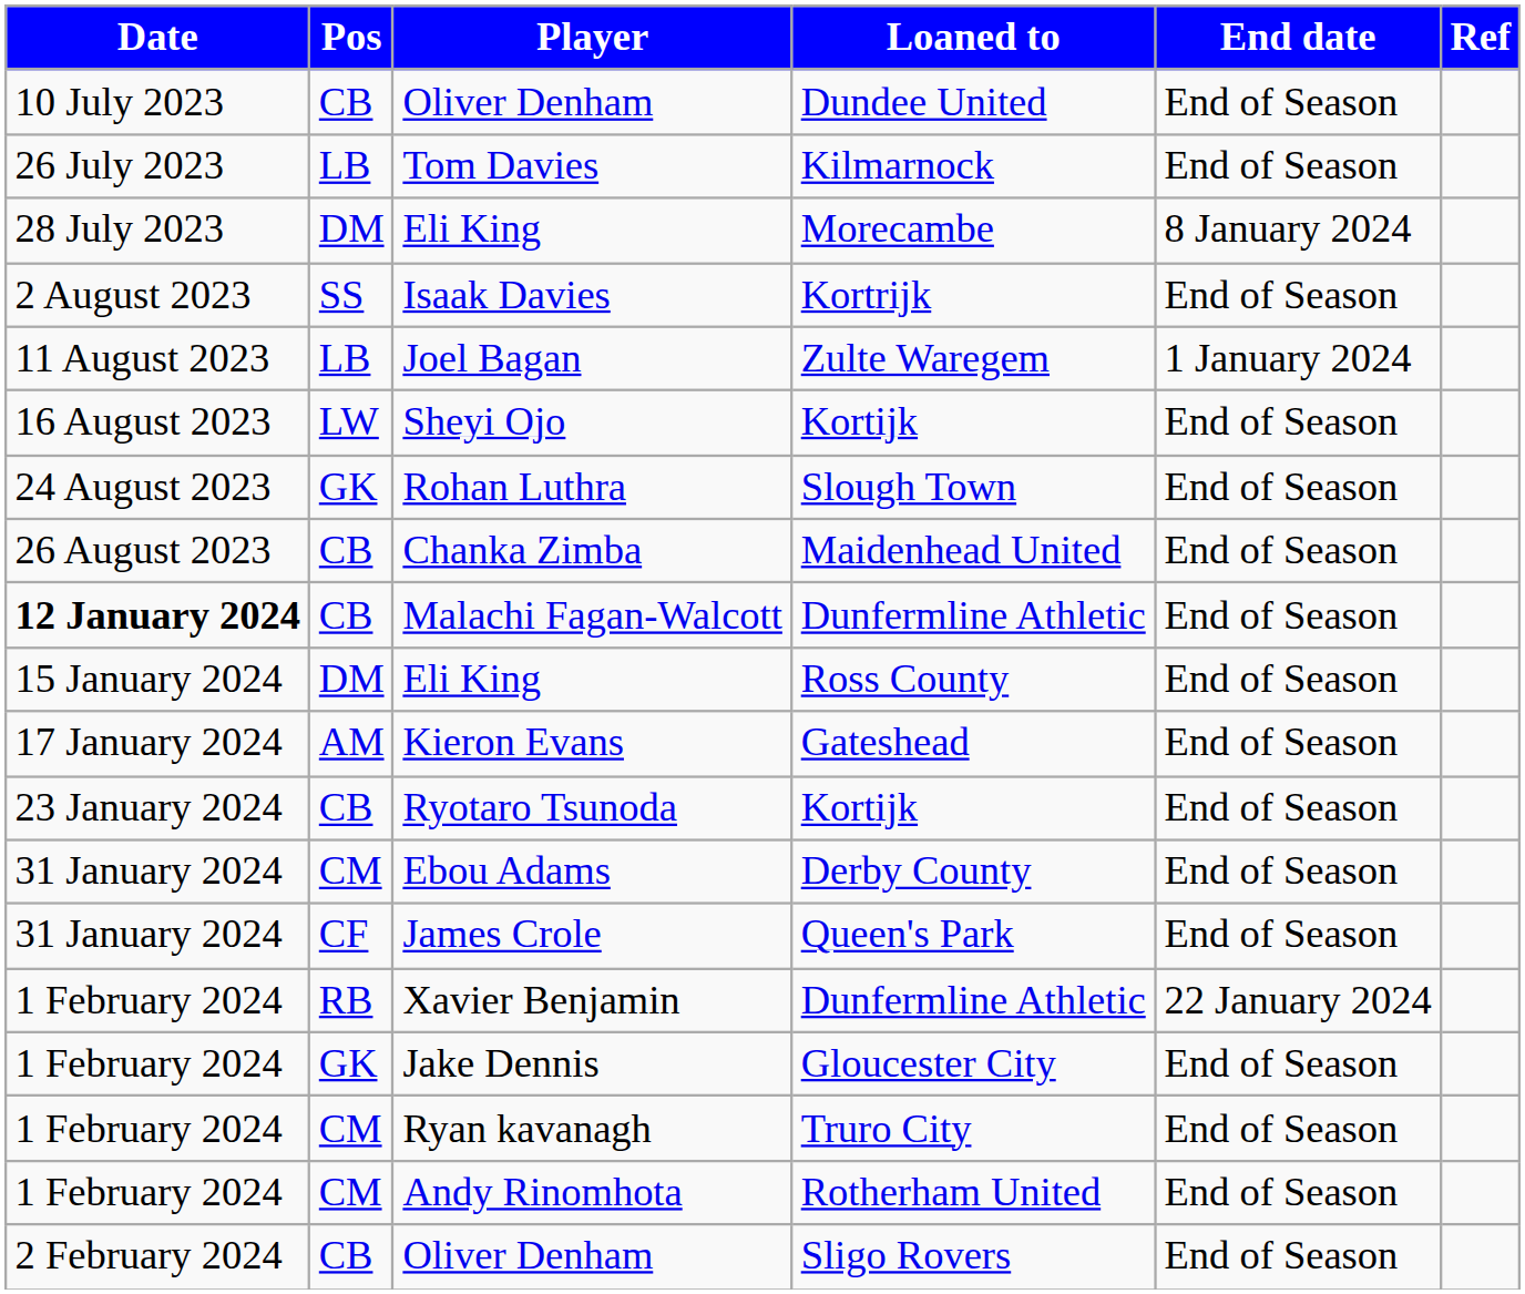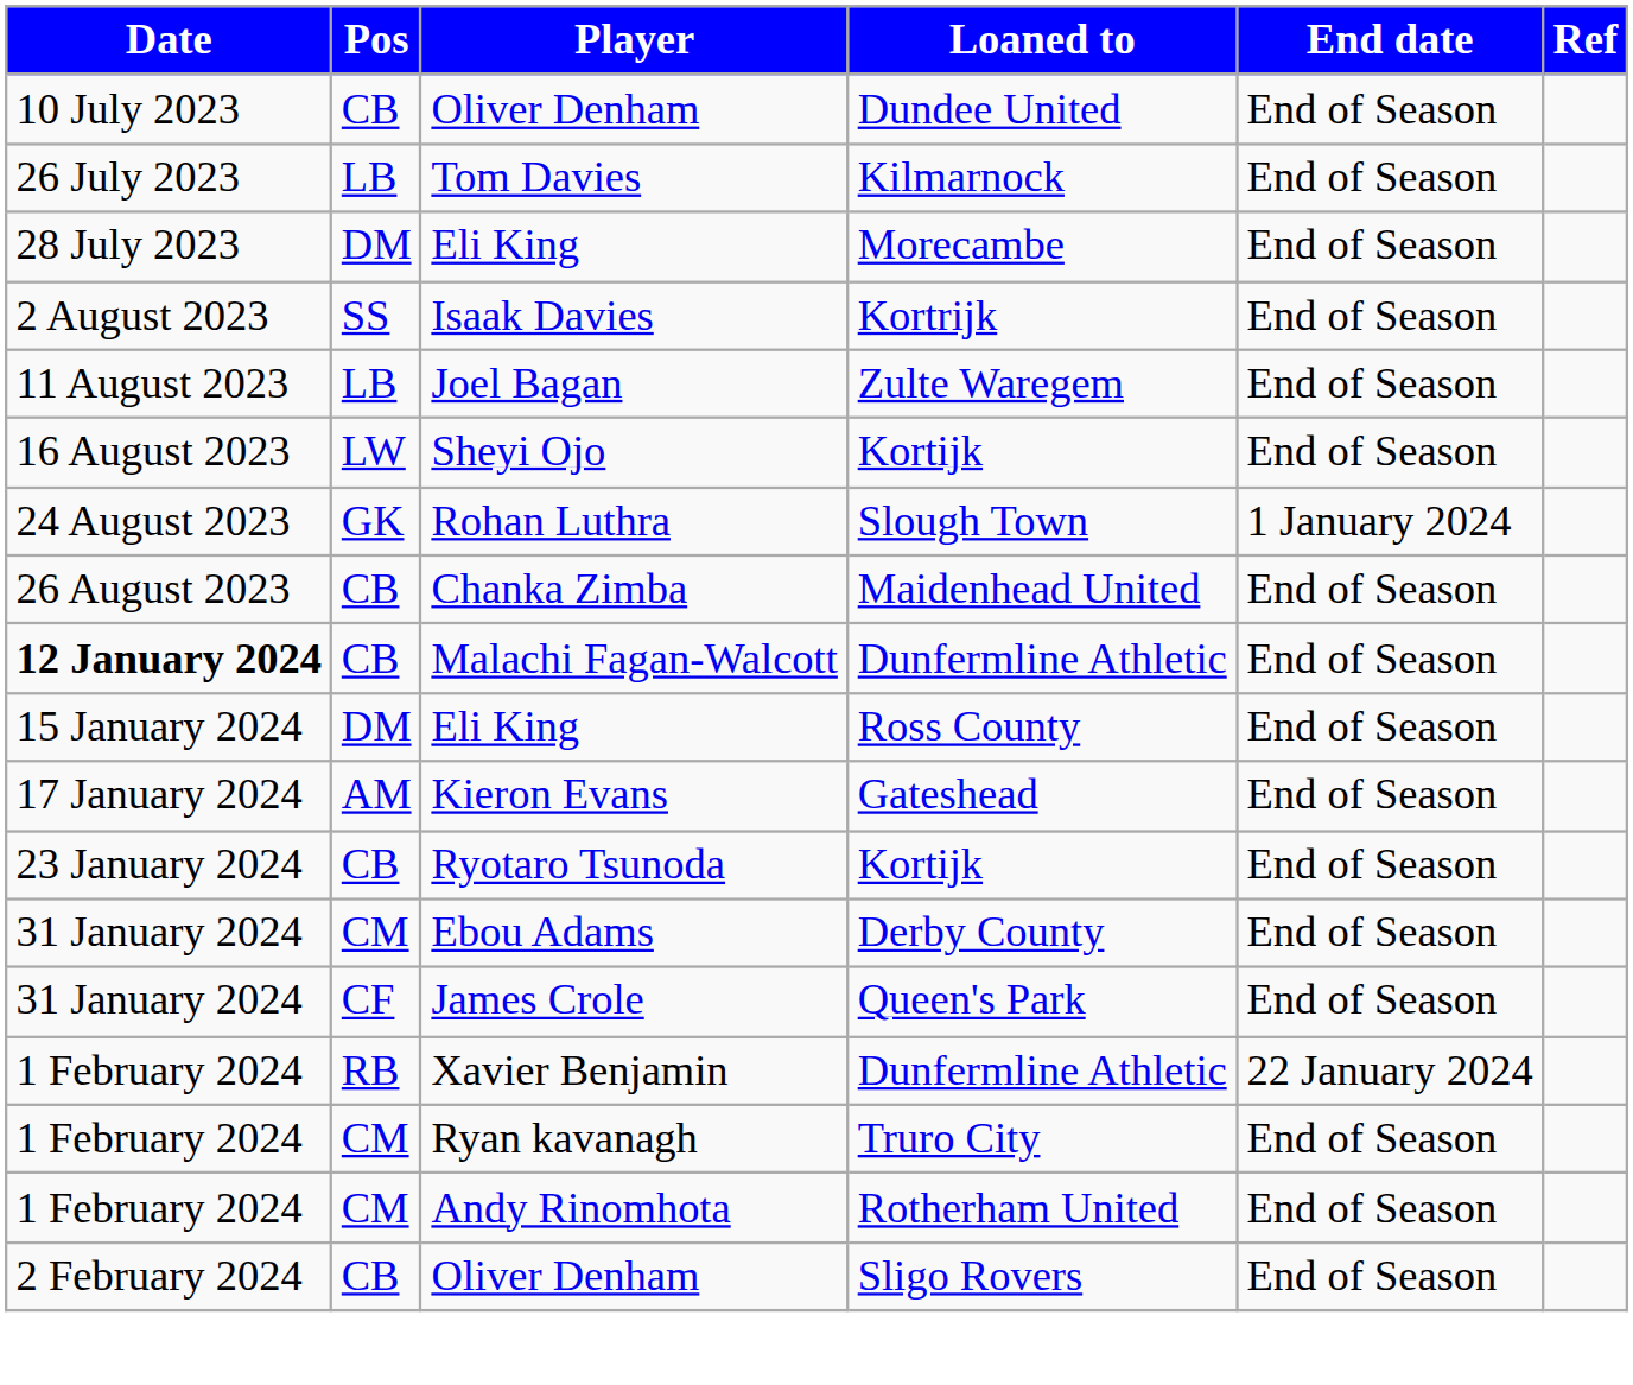 <table class="wikitable plainrowheaders sortable">
 <tr>
 <th style="background: blue; color: white; ">Date</th>
 <th style="background: blue; color: white; ">Pos</th>
 <th style="background: blue; color: white; ">Player</th>
 <th style="background: blue; color: white; ">Loaned to</th>
 <th style="background: blue; color: white; ">End date</th>
 <th style="background: blue; color: white; ">Ref</th>
 </tr>
 <tr>
 <td>10 July 2023</td>
 <td><a href='#'>CB</a></td>
 <td> <a href='#'>Oliver Denham</a></td>
 <td> <a href='#'>Dundee United</a></td>
 <td>End of Season</td>
 <td></td>
 </tr>
 <tr>
 <td>26 July 2023</td>
 <td><a href='#'>LB</a></td>
 <td> <a href='#'>Tom Davies</a></td>
 <td> <a href='#'>Kilmarnock</a></td>
 <td>End of Season</td>
 <td></td>
 </tr>
 <tr>
 <td>28 July 2023</td>
 <td><a href='#'>DM</a></td>
 <td> <a href='#'>Eli King</a></td>
 <td> <a href='#'>Morecambe</a></td>
-<td>8 January 2024</td>
+<td>End of Season</td>
 <td></td>
 </tr>
 <tr>
 <td>2 August 2023</td>
 <td><a href='#'>SS</a></td>
 <td> <a href='#'>Isaak Davies</a></td>
 <td> <a href='#'>Kortrijk</a></td>
 <td>End of Season</td>
 <td></td>
 </tr>
 <tr>
 <td>11 August 2023</td>
 <td><a href='#'>LB</a></td>
 <td> <a href='#'>Joel Bagan</a></td>
 <td> <a href='#'>Zulte Waregem</a></td>
-<td>1 January 2024</td>
+<td>End of Season</td>
 <td></td>
 </tr>
 <tr>
 <td>16 August 2023</td>
 <td><a href='#'>LW</a></td>
 <td> <a href='#'>Sheyi Ojo</a></td>
 <td> <a href='#'>Kortijk</a></td>
 <td>End of Season</td>
 <td></td>
 </tr>
 <tr>
 <td>24 August 2023</td>
 <td><a href='#'>GK</a></td>
 <td> <a href='#'>Rohan Luthra</a></td>
 <td> <a href='#'>Slough Town</a></td>
-<td>End of Season</td>
+<td>1 January 2024</td>
 <td></td>
 </tr>
 <tr>
 <td>26 August 2023</td>
 <td><a href='#'>CB</a></td>
 <td> <a href='#'>Chanka Zimba</a></td>
 <td> <a href='#'>Maidenhead United</a></td>
 <td>End of Season</td>
 <td></td>
 </tr>
 <tr>
 <td><strong>12 January 2024</strong></td>
 <td><a href='#'>CB</a></td>
 <td> <a href='#'>Malachi Fagan-Walcott</a></td>
 <td> <a href='#'>Dunfermline Athletic</a></td>
 <td>End of Season</td>
 <td></td>
 </tr>
 <tr>
 <td>15 January 2024</td>
 <td><a href='#'>DM</a></td>
 <td> <a href='#'>Eli King</a></td>
 <td> <a href='#'>Ross County</a></td>
 <td>End of Season</td>
 <td></td>
 </tr>
 <tr>
 <td>17 January 2024</td>
 <td><a href='#'>AM</a></td>
 <td> <a href='#'>Kieron Evans</a></td>
 <td> <a href='#'>Gateshead</a></td>
 <td>End of Season</td>
 <td></td>
 </tr>
 <tr>
 <td>23 January 2024</td>
 <td><a href='#'>CB</a></td>
 <td> <a href='#'>Ryotaro Tsunoda</a></td>
 <td> <a href='#'>Kortijk</a></td>
 <td>End of Season</td>
 <td></td>
 </tr>
 <tr>
 <td>31 January 2024</td>
 <td><a href='#'>CM</a></td>
 <td> <a href='#'>Ebou Adams</a></td>
 <td> <a href='#'>Derby County</a></td>
 <td>End of Season</td>
 <td></td>
 </tr>
 <tr>
 <td>31 January 2024</td>
 <td><a href='#'>CF</a></td>
 <td> <a href='#'>James Crole</a></td>
 <td> <a href='#'>Queen's Park</a></td>
 <td>End of Season</td>
 <td></td>
 </tr>
 <tr>
 <td>1 February 2024</td>
 <td><a href='#'>RB</a></td>
 <td> Xavier Benjamin</td>
 <td> <a href='#'>Dunfermline Athletic</a></td>
 <td>22 January 2024</td>
 <td></td>
 </tr>
 <tr>
 <td>1 February 2024</td>
-<td><a href='#'>GK</a></td>
-<td> Jake Dennis</td>
-<td> <a href='#'>Gloucester City</a></td>
-<td>End of Season</td>
-<td></td>
-</tr>
-<tr>
-<td>1 February 2024</td>
 <td><a href='#'>CM</a></td>
 <td> Ryan kavanagh</td>
 <td> <a href='#'>Truro City</a></td>
 <td>End of Season</td>
 <td></td>
 </tr>
 <tr>
 <td>1 February 2024</td>
 <td><a href='#'>CM</a></td>
 <td> <a href='#'>Andy Rinomhota</a></td>
 <td> <a href='#'>Rotherham United</a></td>
 <td>End of Season</td>
 <td></td>
 </tr>
 <tr>
 <td>2 February 2024</td>
 <td><a href='#'>CB</a></td>
 <td> <a href='#'>Oliver Denham</a></td>
 <td> <a href='#'>Sligo Rovers</a></td>
 <td>End of Season</td>
 <td></td>
 </tr>
 </table>
